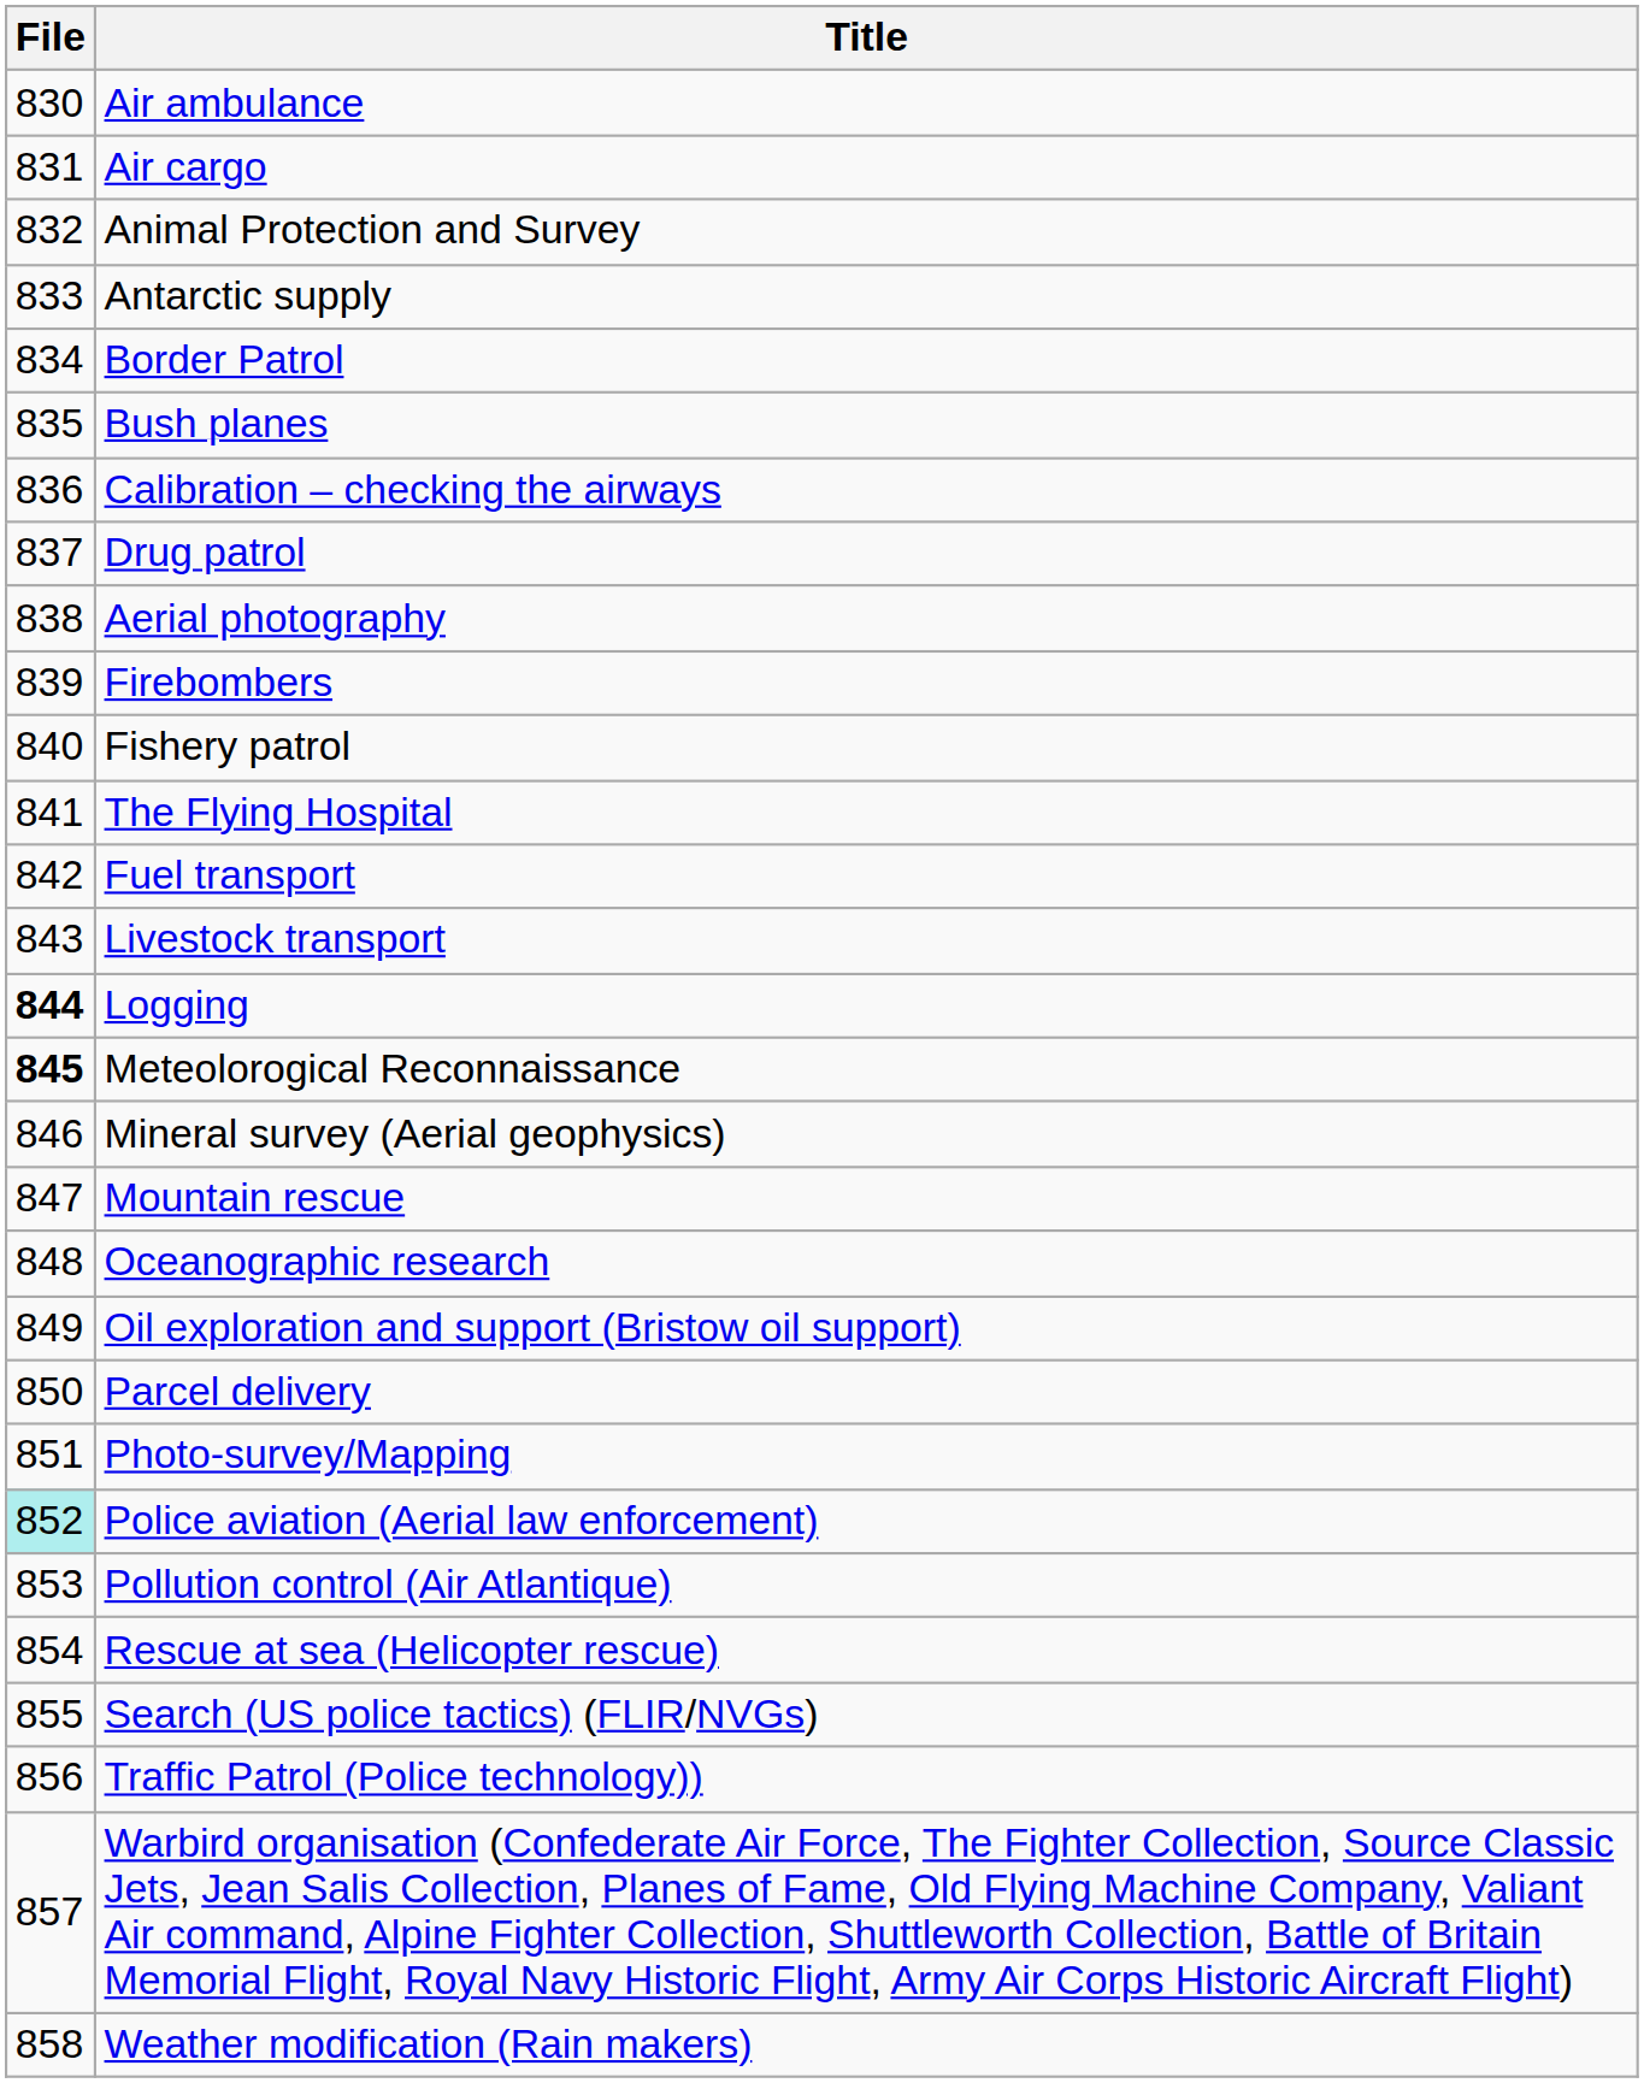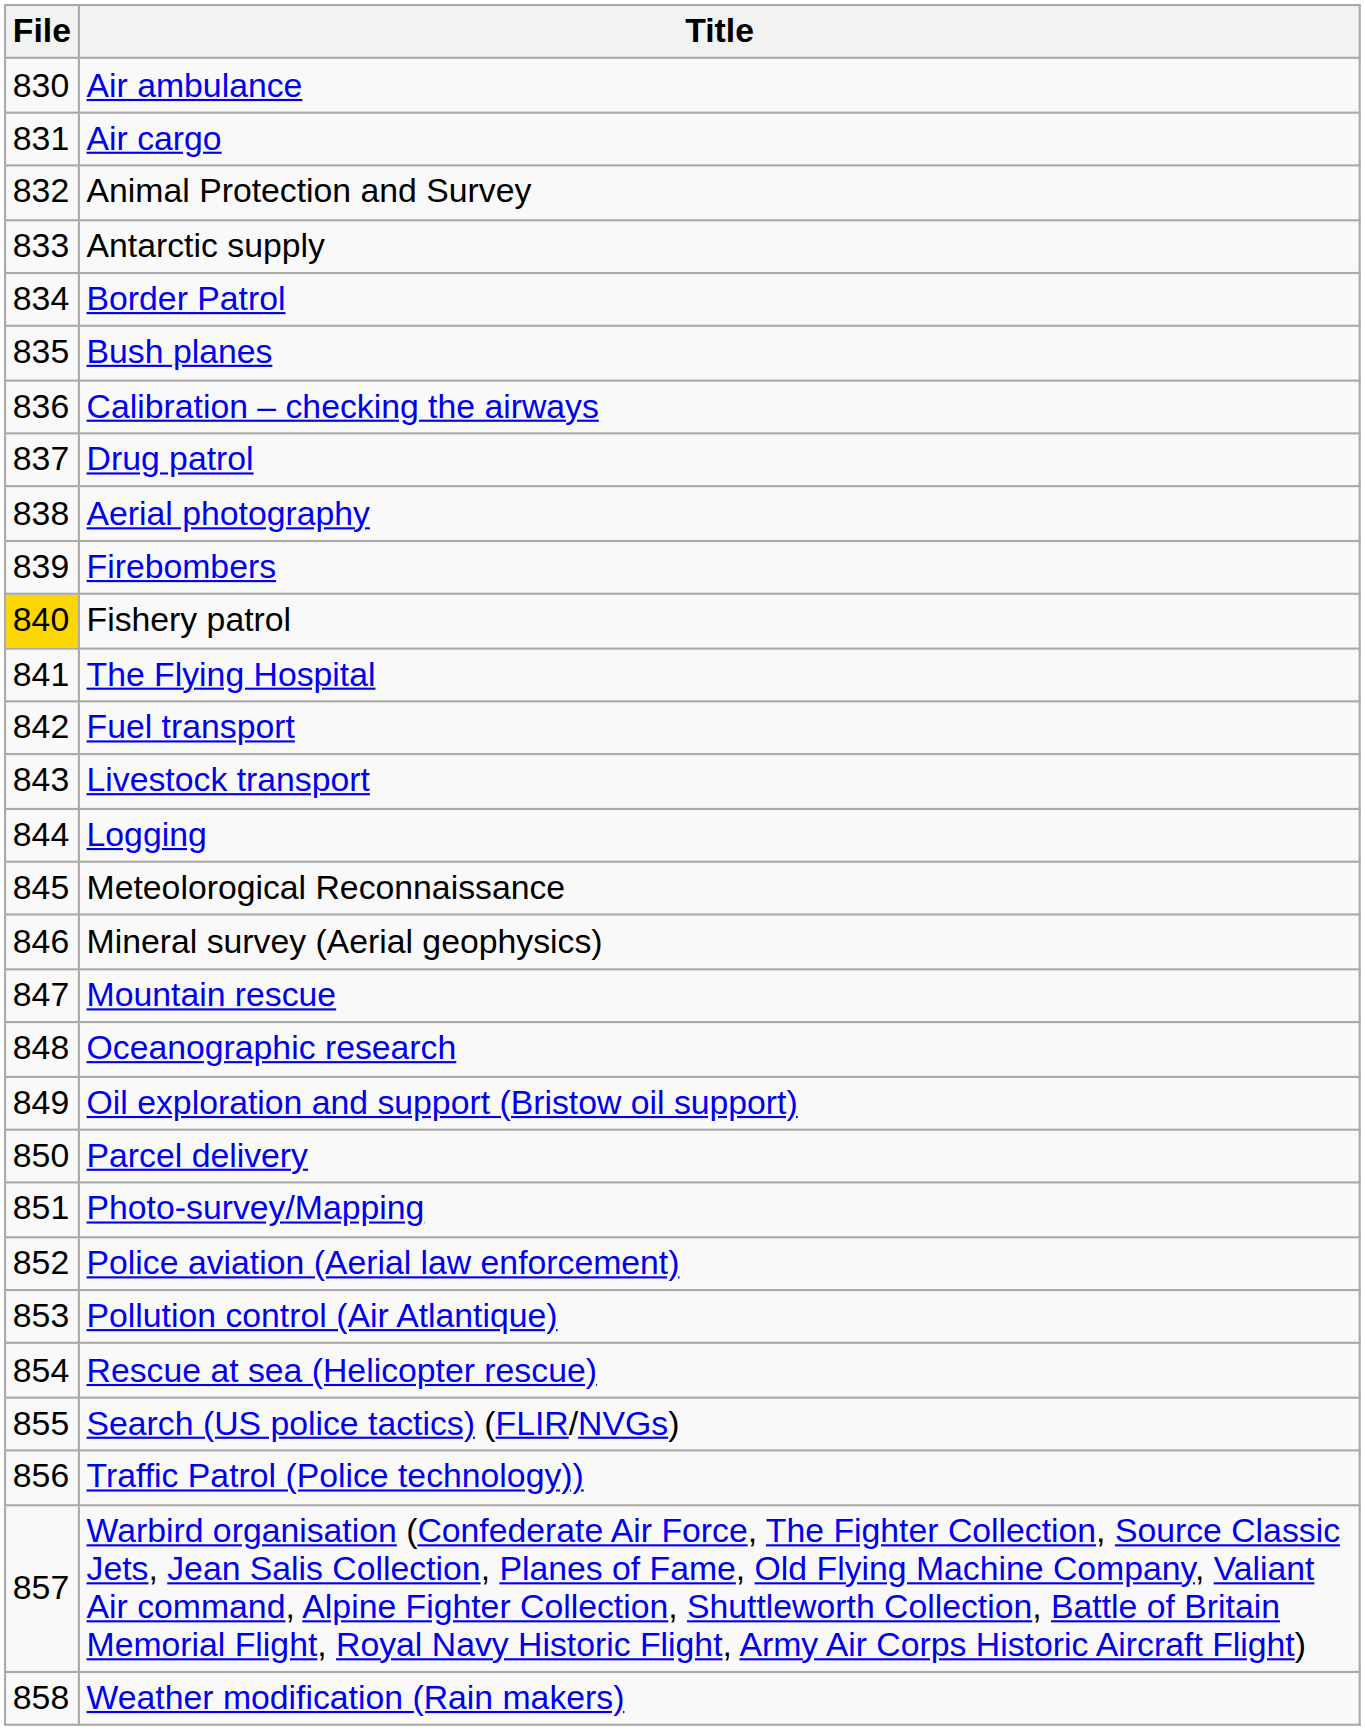 <table class="wikitable collapsible collapsed" border="1">
 <tr>
 <th>File</th>
 <th width=600>Title</th>
 </tr>
 <tr>
 <td>830</td>
 <td><a href='#'>Air ambulance</a></td>
 </tr>
 <tr>
 <td>831</td>
 <td><a href='#'>Air cargo</a></td>
 </tr>
 <tr>
 <td>832</td>
 <td>Animal Protection and Survey</td>
 </tr>
 <tr>
 <td>833</td>
 <td>Antarctic supply</td>
 </tr>
 <tr>
 <td>834</td>
 <td><a href='#'>Border Patrol</a></td>
 </tr>
 <tr>
 <td>835</td>
 <td><a href='#'>Bush planes</a></td>
 </tr>
 <tr>
 <td>836</td>
 <td><a href='#'>Calibration – checking the airways</a></td>
 </tr>
 <tr>
 <td>837</td>
 <td><a href='#'>Drug patrol</a></td>
 </tr>
 <tr>
 <td>838</td>
 <td><a href='#'>Aerial photography</a></td>
 </tr>
 <tr>
 <td>839</td>
 <td><a href='#'>Firebombers</a></td>
 </tr>
 <tr>
-<td>840</td>
+<td style="background: gold;">840</td>
 <td>Fishery patrol</td>
 </tr>
 <tr>
 <td>841</td>
 <td><a href='#'>The Flying Hospital</a></td>
 </tr>
 <tr>
 <td>842</td>
 <td><a href='#'>Fuel transport</a></td>
 </tr>
 <tr>
 <td>843</td>
 <td><a href='#'>Livestock transport</a></td>
 </tr>
 <tr>
-<td><strong>844</strong></td>
+<td>844</td>
 <td><a href='#'>Logging</a></td>
 </tr>
 <tr>
-<td><strong>845</strong></td>
+<td>845</td>
 <td>Meteolorogical Reconnaissance</td>
 </tr>
 <tr>
 <td>846</td>
 <td>Mineral survey (Aerial geophysics)</td>
 </tr>
 <tr>
 <td>847</td>
 <td><a href='#'>Mountain rescue</a></td>
 </tr>
 <tr>
 <td>848</td>
 <td><a href='#'>Oceanographic research</a></td>
 </tr>
 <tr>
 <td>849</td>
 <td><a href='#'>Oil exploration and support (Bristow oil support)</a></td>
 </tr>
 <tr>
 <td>850</td>
 <td><a href='#'>Parcel delivery</a></td>
 </tr>
 <tr>
 <td>851</td>
 <td><a href='#'>Photo-survey/Mapping</a></td>
 </tr>
 <tr>
-<td style="background: paleturquoise;">852</td>
+<td>852</td>
 <td><a href='#'>Police aviation (Aerial law enforcement)</a></td>
 </tr>
 <tr>
 <td>853</td>
 <td><a href='#'>Pollution control (Air Atlantique)</a></td>
 </tr>
 <tr>
 <td>854</td>
 <td><a href='#'>Rescue at sea (Helicopter rescue)</a></td>
 </tr>
 <tr>
 <td>855</td>
 <td><a href='#'>Search (US police tactics)</a> (<a href='#'>FLIR</a>/<a href='#'>NVGs</a>)</td>
 </tr>
 <tr>
 <td>856</td>
 <td><a href='#'>Traffic Patrol (Police technology))</a></td>
 </tr>
 <tr>
 <td>857</td>
 <td><a href='#'>Warbird organisation</a> (<a href='#'>Confederate Air Force</a>, <a href='#'>The Fighter Collection</a>, <a href='#'>Source Classic Jets</a>, <a href='#'>Jean Salis Collection</a>, <a href='#'>Planes of Fame</a>, <a href='#'>Old Flying Machine Company</a>, <a href='#'>Valiant Air command</a>, <a href='#'>Alpine Fighter Collection</a>, <a href='#'>Shuttleworth Collection</a>, <a href='#'>Battle of Britain Memorial Flight</a>, <a href='#'>Royal Navy Historic Flight</a>, <a href='#'>Army Air Corps Historic Aircraft Flight</a>)</td>
 </tr>
 <tr>
 <td>858</td>
 <td><a href='#'>Weather modification (Rain makers)</a></td>
 </tr>
 </table>
